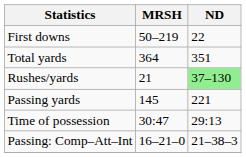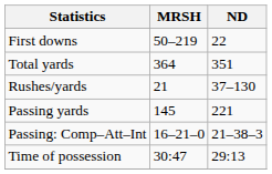 <table class="wikitable" style="float: left;">
 <tr>
 <th>Statistics</th>
 <th>MRSH</th>
 <th>ND</th>
 </tr>
 <tr>
 <td>First downs</td>
 <td>50–219</td>
 <td>22</td>
 </tr>
 <tr>
 <td>Total yards</td>
 <td>364</td>
 <td>351</td>
 </tr>
 <tr>
 <td>Rushes/yards</td>
 <td>21</td>
-<td style="background: lightgreen;">37–130</td>
+<td>37–130</td>
 </tr>
 <tr>
 <td>Passing yards</td>
 <td>145</td>
 <td>221</td>
 </tr>
 <tr>
+<td>Passing: Comp–Att–Int</td>
+<td>16–21–0</td>
+<td>21–38–3</td>
+</tr>
+<tr>
 <td>Time of possession</td>
 <td>30:47</td>
 <td>29:13</td>
 </tr>
 <tr>
-<td>Passing: Comp–Att–Int</td>
-<td>16–21–0</td>
-<td>21–38–3</td>
-</tr>
-<tr>
 </tr>
 </table>
